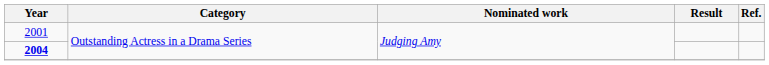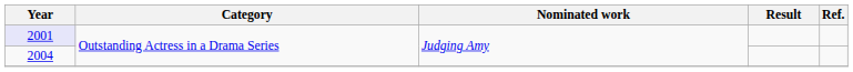 <table class=wikitable>
 <tr>
 <th scope="col" style="width:5em;">Year</th>
 <th scope="col" style="width:26em;">Category</th>
 <th scope="col" style="width:25em;">Nominated work</th>
 <th scope="col" style="width:5em;">Result</th>
 <th>Ref.</th>
 </tr>
 <tr>
-<td style="text-align:center;"><a href='#'>2001</a></td>
+<td style="background: lavender; text-align:center;"><a href='#'>2001</a></td>
 <td rowspan=2><a href='#'>Outstanding Actress in a Drama Series</a></td>
 <td rowspan=2><em><a href='#'>Judging Amy</a></em></td>
 <td></td>
 <td></td>
 </tr>
 <tr>
-<td style="text-align:center;"><strong><a href='#'>2004</a></strong></td>
+<td style="text-align:center;"><a href='#'>2004</a></td>
 <td></td>
 <td></td>
 </tr>
 <tr>
 </tr>
 </table>
